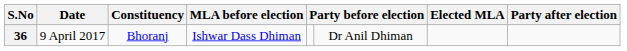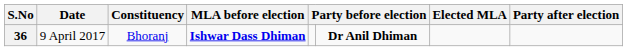 <table class="wikitable sortable" style="text-align:center;">
 <tr>
 <th>S.No</th>
 <th>Date</th>
 <th>Constituency</th>
 <th>MLA before election</th>
 <th colspan="2">Party before election</th>
 <th>Elected MLA</th>
 <th colspan="2">Party after election</th>
 </tr>
 <tr>
 <th>36</th>
 <td>9 April 2017</td>
 <td><a href='#'>Bhoranj</a></td>
-<td><a href='#'>Ishwar Dass Dhiman</a></td>
+<td><strong><a href='#'>Ishwar Dass Dhiman</a></strong></td>
 <td></td>
-<td>Dr Anil Dhiman</td>
+<td><strong>Dr Anil Dhiman</strong></td>
 <td></td>
 </tr>
 </table>
